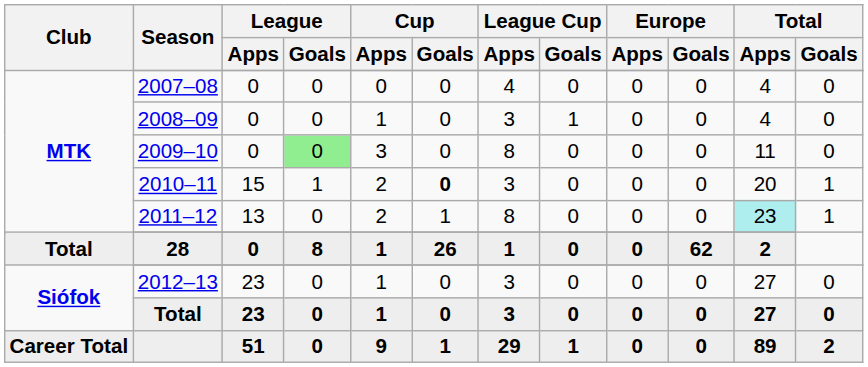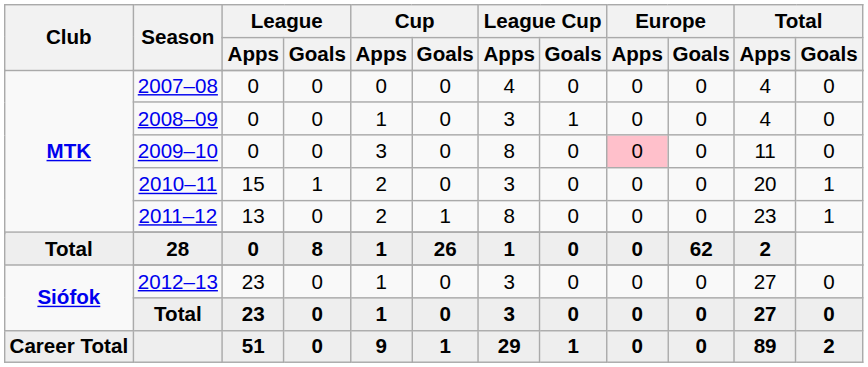 <table class="wikitable" style="font-size:90%; text-align: center;">
 <tr>
 <th rowspan="2">Club</th>
 <th rowspan="2">Season</th>
 <th colspan="2">League</th>
 <th colspan="2">Cup</th>
 <th colspan="2">League Cup</th>
 <th colspan="2">Europe</th>
 <th colspan="2">Total</th>
 </tr>
 <tr>
 <th>Apps</th>
 <th>Goals</th>
 <th>Apps</th>
 <th>Goals</th>
 <th>Apps</th>
 <th>Goals</th>
 <th>Apps</th>
 <th>Goals</th>
 <th>Apps</th>
 <th>Goals</th>
 </tr>
 <tr ||-||-||-|->
 <td rowspan="7" valign="center"><strong><a href='#'>MTK</a></strong></td>
 </tr>
 <tr>
 <td><a href='#'>2007–08</a></td>
 <td>0</td>
 <td>0</td>
 <td>0</td>
 <td>0</td>
 <td>4</td>
 <td>0</td>
 <td>0</td>
 <td>0</td>
 <td>4</td>
 <td>0</td>
 </tr>
 <tr>
 <td><a href='#'>2008–09</a></td>
 <td>0</td>
 <td>0</td>
 <td>1</td>
 <td>0</td>
 <td>3</td>
 <td>1</td>
 <td>0</td>
 <td>0</td>
 <td>4</td>
 <td>0</td>
 </tr>
 <tr>
 <td><a href='#'>2009–10</a></td>
 <td>0</td>
-<td style="background: lightgreen;">0</td>
+<td>0</td>
 <td>3</td>
 <td>0</td>
 <td>8</td>
 <td>0</td>
-<td>0</td>
+<td style="background: pink;">0</td>
 <td>0</td>
 <td>11</td>
 <td>0</td>
 </tr>
 <tr>
 <td><a href='#'>2010–11</a></td>
 <td>15</td>
 <td>1</td>
 <td>2</td>
-<td><strong>0</strong></td>
+<td>0</td>
 <td>3</td>
 <td>0</td>
 <td>0</td>
 <td>0</td>
 <td>20</td>
 <td>1</td>
 </tr>
 <tr>
 <td><a href='#'>2011–12</a></td>
 <td>13</td>
 <td>0</td>
 <td>2</td>
 <td>1</td>
 <td>8</td>
 <td>0</td>
 <td>0</td>
 <td>0</td>
-<td style="background: paleturquoise;">23</td>
+<td>23</td>
 <td>1</td>
 </tr>
 <tr>
 </tr>
 <tr style="font-weight:bold; background-color:#eeeeee;">
 <td>Total</td>
 <td>28</td>
 <td>0</td>
 <td>8</td>
 <td>1</td>
 <td>26</td>
 <td>1</td>
 <td>0</td>
 <td>0</td>
 <td>62</td>
 <td>2</td>
 </tr>
 <tr>
 <td rowspan="3" valign="center"><strong><a href='#'>Siófok</a></strong></td>
 </tr>
 <tr>
 <td><a href='#'>2012–13</a></td>
 <td>23</td>
 <td>0</td>
 <td>1</td>
 <td>0</td>
 <td>3</td>
 <td>0</td>
 <td>0</td>
 <td>0</td>
 <td>27</td>
 <td>0</td>
 </tr>
 <tr style="font-weight:bold; background-color:#eeeeee;">
 <td>Total</td>
 <td>23</td>
 <td>0</td>
 <td>1</td>
 <td>0</td>
 <td>3</td>
 <td>0</td>
 <td>0</td>
 <td>0</td>
 <td>27</td>
 <td>0</td>
 </tr>
 <tr style="font-weight:bold; background-color:#eeeeee;">
 <td rowspan="2" valign="top"><strong>Career Total</strong></td>
 <td></td>
 <td><strong>51</strong></td>
 <td><strong>0</strong></td>
 <td><strong>9</strong></td>
 <td><strong>1</strong></td>
 <td><strong>29</strong></td>
 <td><strong>1</strong></td>
 <td><strong>0</strong></td>
 <td><strong>0</strong></td>
 <td><strong>89</strong></td>
 <td><strong>2</strong></td>
 </tr>
 </table>
